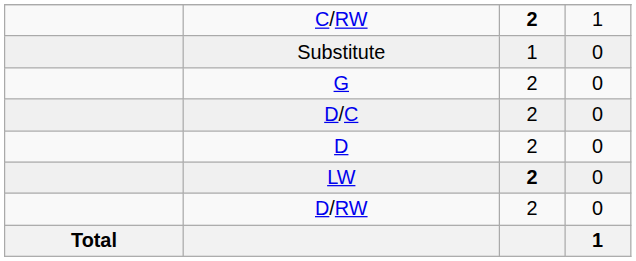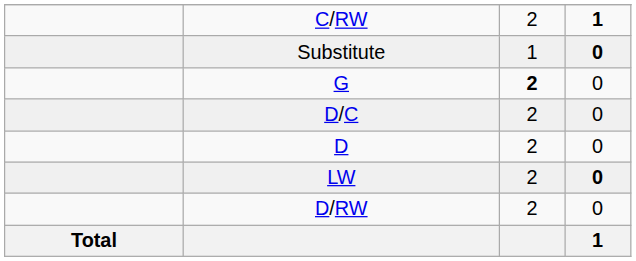 <table class="wikitable sortable" width ="40%">
 <tr align="center">
 </tr>
 <tr align="center" bgcolor="">
 <td></td>
 <td><a href='#'>C</a>/<a href='#'>RW</a></td>
-<td><strong>2</strong></td>
-<td>1</td>
+<td>2</td>
+<td><strong>1</strong></td>
 </tr>
 <tr align="center" bgcolor="f0f0f0">
 <td></td>
 <td>Substitute</td>
 <td>1</td>
-<td>0</td>
+<td><strong>0</strong></td>
 </tr>
 <tr align="center" bgcolor="">
 <td></td>
 <td><a href='#'>G</a></td>
-<td>2</td>
+<td><strong>2</strong></td>
 <td>0</td>
 </tr>
 <tr align="center" bgcolor="f0f0f0">
 <td></td>
 <td><a href='#'>D</a>/<a href='#'>C</a></td>
 <td>2</td>
 <td>0</td>
 </tr>
 <tr align="center" bgcolor="">
 <td></td>
 <td><a href='#'>D</a></td>
 <td>2</td>
 <td>0</td>
 </tr>
 <tr align="center" bgcolor="f0f0f0">
 <td></td>
 <td><a href='#'>LW</a></td>
-<td><strong>2</strong></td>
-<td>0</td>
+<td>2</td>
+<td><strong>0</strong></td>
 </tr>
 <tr align="center" bgcolor="">
 <td></td>
 <td><a href='#'>D</a>/<a href='#'>RW</a></td>
 <td>2</td>
 <td>0</td>
 </tr>
 <tr>
 <th>Total</th>
 <th></th>
 <th></th>
 <th>1</th>
 </tr>
 </table>
